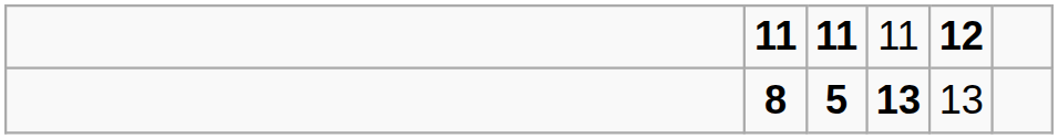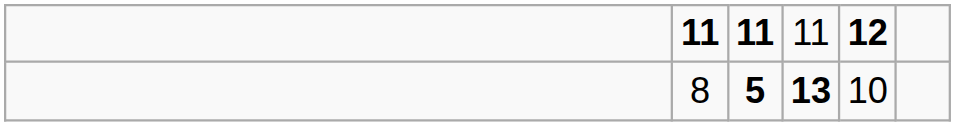 <table class="wikitable">
 <tr>
 <td style="width:18em"></td>
 <td align=center style="width:1em"><strong>11</strong></td>
 <td align=center style="width:1em"><strong>11</strong></td>
 <td align=center style="width:1em">11</td>
 <td align=center style="width:1em"><strong>12</strong></td>
 <td align=center style="width:1em"></td>
 </tr>
 <tr>
 <td style="width:18em"></td>
-<td align=center style="width:1em"><strong>8</strong></td>
+<td align=center style="width:1em">8</td>
 <td align=center style="width:1em"><strong>5</strong></td>
 <td align=center style="width:1em"><strong>13</strong></td>
-<td align=center style="width:1em">13</td>
+<td align=center style="width:1em">10</td>
 <td align=center style="width:1em"></td>
 </tr>
 </table>
